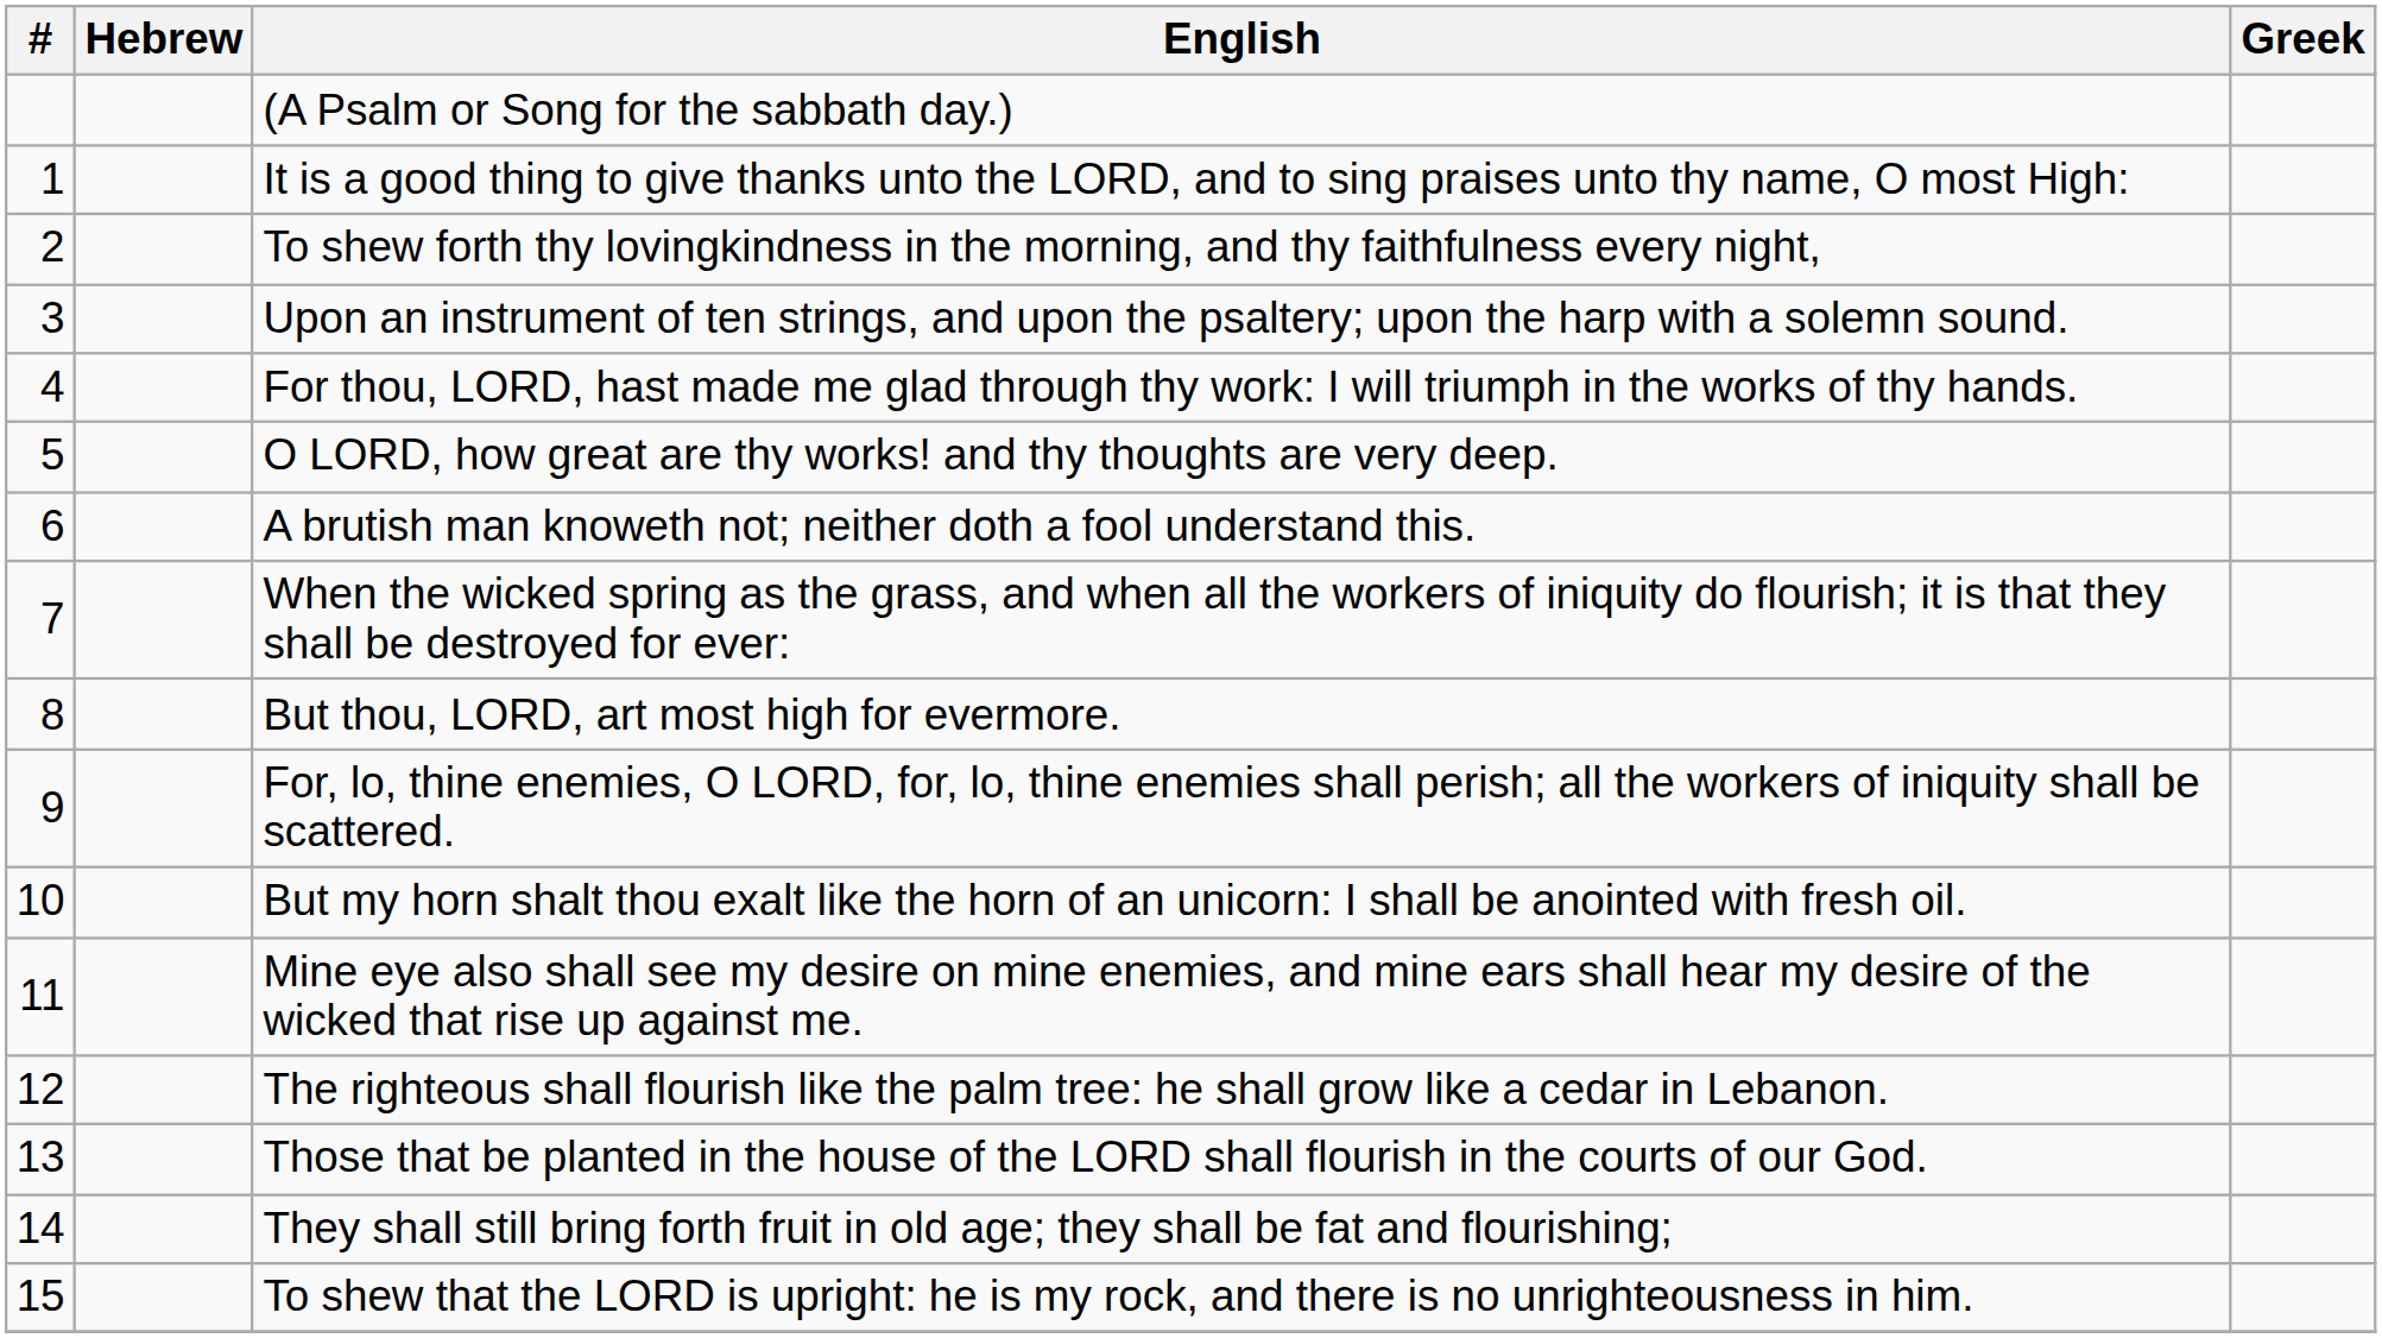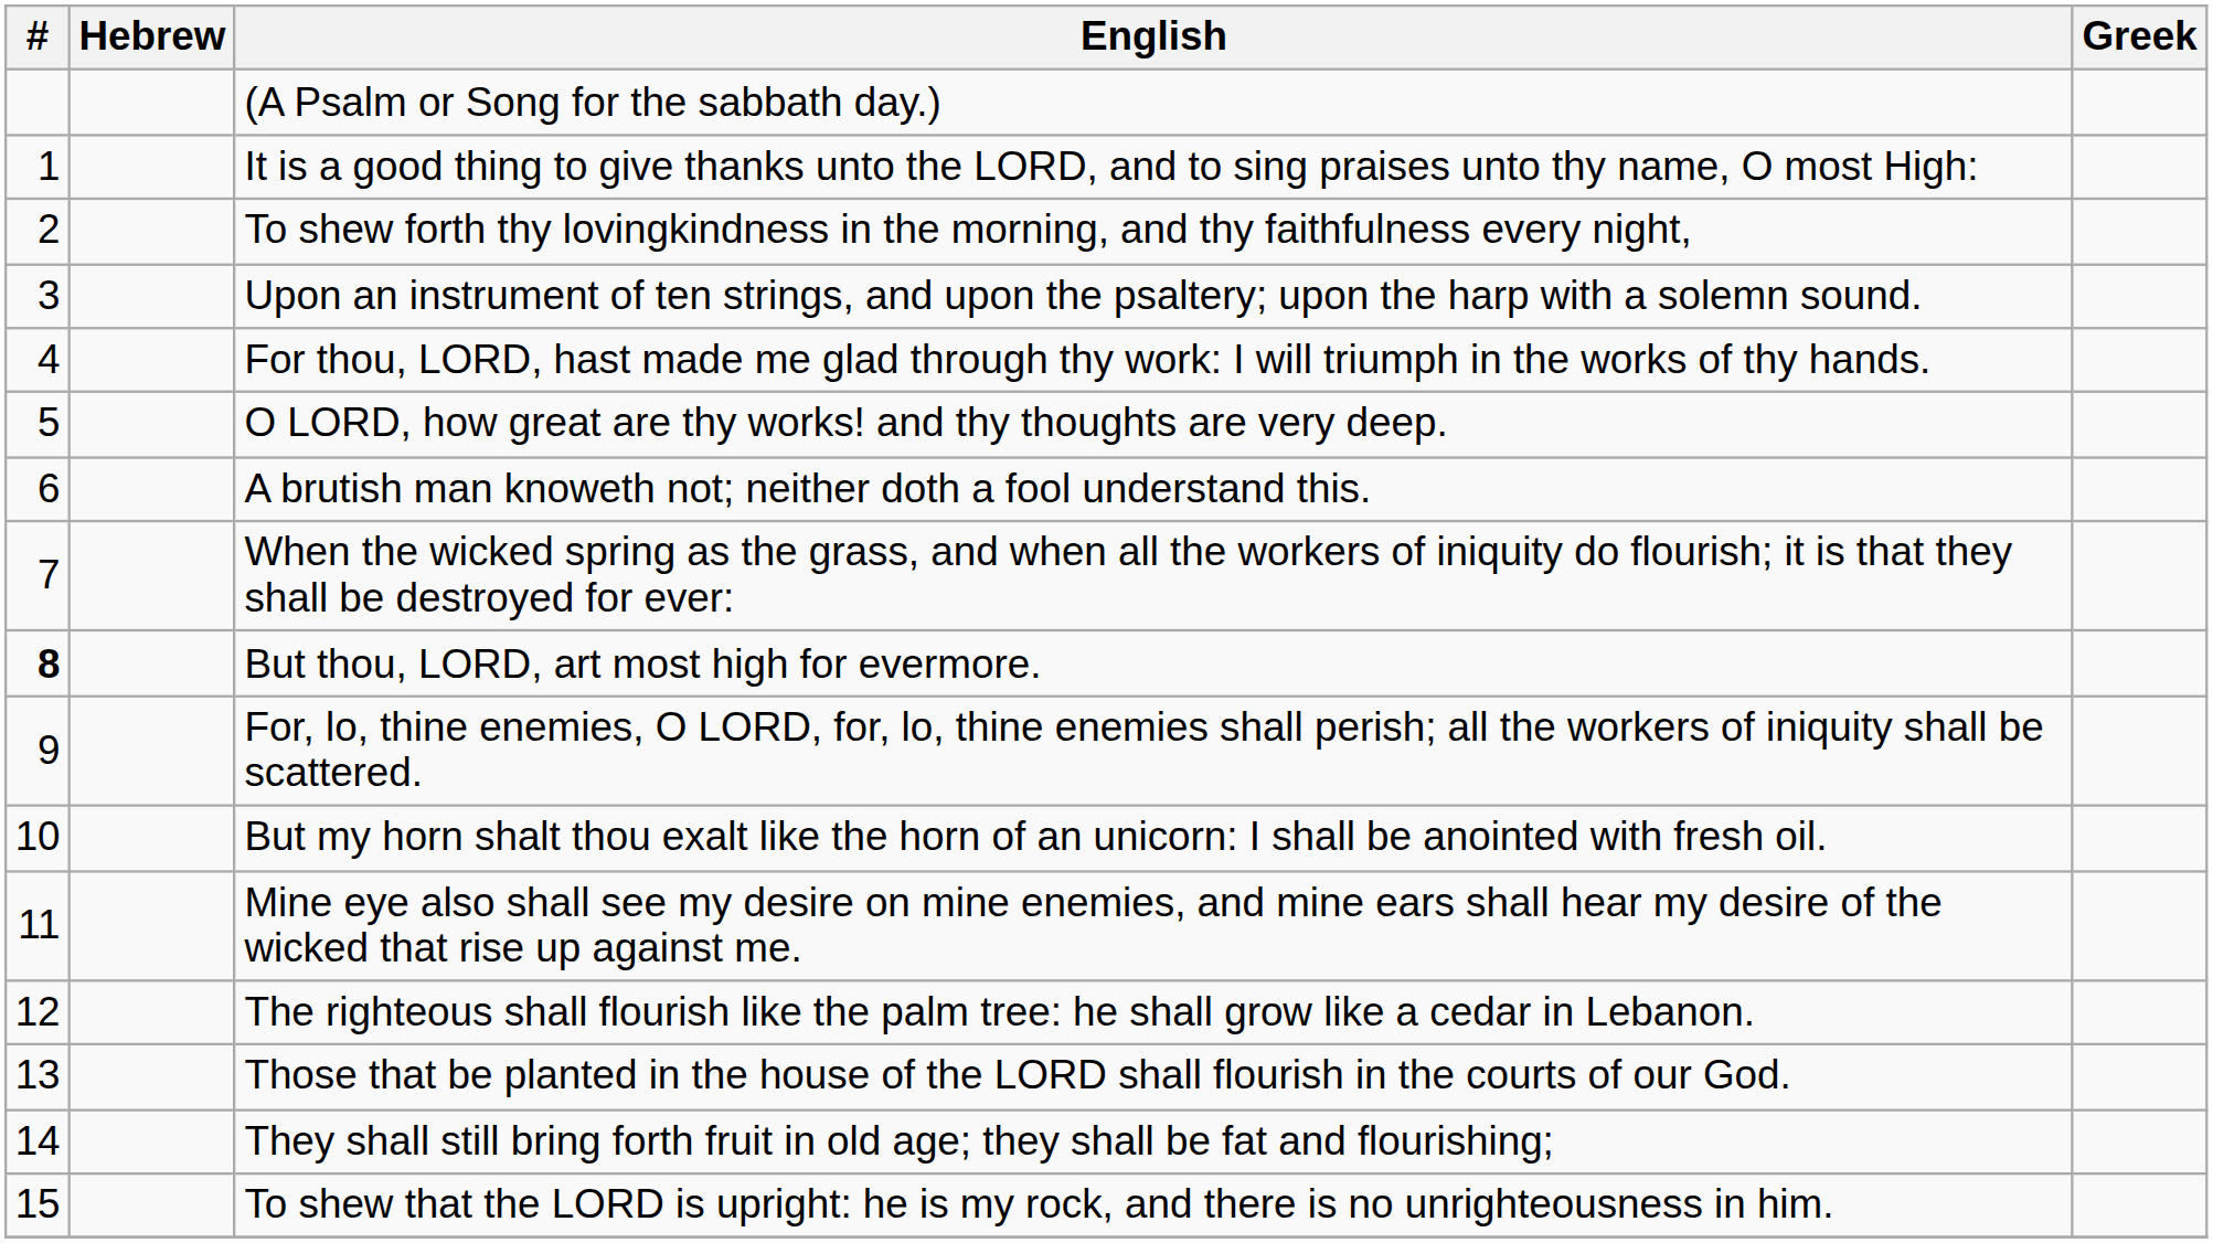 <table class=wikitable>
 <tr>
 <th>#</th>
 <th>Hebrew</th>
 <th>English</th>
 <th>Greek</th>
 </tr>
 <tr>
 <td style="text-align:right"></td>
 <td style="text-align:right"></td>
 <td>(A Psalm or Song for the sabbath day.)</td>
 <td></td>
 </tr>
 <tr>
 <td style="text-align:right">1</td>
 <td style="text-align:right"></td>
 <td>It is a good thing to give thanks unto the LORD, and to sing praises unto thy name, O most High:</td>
 <td></td>
 </tr>
 <tr>
 <td style="text-align:right">2</td>
 <td style="text-align:right"></td>
 <td>To shew forth thy lovingkindness in the morning, and thy faithfulness every night,</td>
 <td></td>
 </tr>
 <tr>
 <td style="text-align:right">3</td>
 <td style="text-align:right"></td>
 <td>Upon an instrument of ten strings, and upon the psaltery; upon the harp with a solemn sound.</td>
 <td></td>
 </tr>
 <tr>
 <td style="text-align:right">4</td>
 <td style="text-align:right"></td>
 <td>For thou, LORD, hast made me glad through thy work: I will triumph in the works of thy hands.</td>
 <td></td>
 </tr>
 <tr>
 <td style="text-align:right">5</td>
 <td style="text-align:right"></td>
 <td>O LORD, how great are thy works! and thy thoughts are very deep.</td>
 <td></td>
 </tr>
 <tr>
 <td style="text-align:right">6</td>
 <td style="text-align:right"></td>
 <td>A brutish man knoweth not; neither doth a fool understand this.</td>
 <td></td>
 </tr>
 <tr>
 <td style="text-align:right">7</td>
 <td style="text-align:right"></td>
 <td>When the wicked spring as the grass, and when all the workers of iniquity do flourish; it is that they shall be destroyed for ever:</td>
 <td></td>
 </tr>
 <tr>
-<td style="text-align:right">8</td>
+<td style="text-align:right"><strong>8</strong></td>
 <td style="text-align:right"></td>
 <td>But thou, LORD, art most high for evermore.</td>
 <td></td>
 </tr>
 <tr>
 <td style="text-align:right">9</td>
 <td style="text-align:right"></td>
 <td>For, lo, thine enemies, O LORD, for, lo, thine enemies shall perish; all the workers of iniquity shall be scattered.</td>
 <td></td>
 </tr>
 <tr>
 <td style="text-align:right">10</td>
 <td style="text-align:right"></td>
 <td>But my horn shalt thou exalt like the horn of an unicorn: I shall be anointed with fresh oil.</td>
 <td></td>
 </tr>
 <tr>
 <td style="text-align:right">11</td>
 <td style="text-align:right"></td>
 <td>Mine eye also shall see my desire on mine enemies, and mine ears shall hear my desire of the wicked that rise up against me.</td>
 <td></td>
 </tr>
 <tr>
 <td style="text-align:right">12</td>
 <td style="text-align:right"></td>
 <td>The righteous shall flourish like the palm tree: he shall grow like a cedar in Lebanon.</td>
 <td></td>
 </tr>
 <tr>
 <td style="text-align:right">13</td>
 <td style="text-align:right"></td>
 <td>Those that be planted in the house of the LORD shall flourish in the courts of our God.</td>
 <td></td>
 </tr>
 <tr>
 <td style="text-align:right">14</td>
 <td style="text-align:right"></td>
 <td>They shall still bring forth fruit in old age; they shall be fat and flourishing;</td>
 <td></td>
 </tr>
 <tr>
 <td style="text-align:right">15</td>
 <td style="text-align:right"></td>
 <td>To shew that the LORD is upright: he is my rock, and there is no unrighteousness in him.</td>
 <td></td>
 </tr>
 <tr>
 </tr>
 </table>
